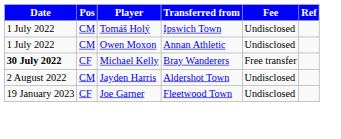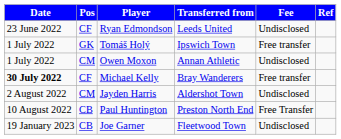 <table class="wikitable plainrowheaders sortable">
 <tr>
 <th style="background:#0000FF; color:#ffffff; ">Date</th>
 <th style="background:#0000FF; color:#ffffff; ">Pos</th>
 <th style="background:#0000FF; color:#ffffff; ">Player</th>
 <th style="background:#0000FF; color:#ffffff; ">Transferred from</th>
 <th style="background:#0000FF; color:#ffffff; ">Fee</th>
 <th style="background:#0000FF; color:#ffffff; ">Ref</th>
 </tr>
 <tr>
+<td>23 June 2022</td>
+<td><a href='#'>CF</a></td>
+<td> <a href='#'>Ryan Edmondson</a></td>
+<td> <a href='#'>Leeds United</a></td>
+<td>Undisclosed</td>
+<td></td>
+</tr>
+<tr>
 <td>1 July 2022</td>
-<td><a href='#'>CM</a></td>
+<td><a href='#'>GK</a></td>
 <td> <a href='#'>Tomáš Holý</a></td>
 <td> <a href='#'>Ipswich Town</a></td>
-<td>Undisclosed</td>
+<td>Free transfer</td>
 <td></td>
 </tr>
 <tr>
 <td>1 July 2022</td>
 <td><a href='#'>CM</a></td>
 <td> <a href='#'>Owen Moxon</a></td>
 <td> <a href='#'>Annan Athletic</a></td>
 <td>Undisclosed</td>
 <td></td>
 </tr>
 <tr>
 <td><strong>30 July 2022</strong></td>
 <td><a href='#'>CF</a></td>
 <td> <a href='#'>Michael Kelly</a></td>
 <td> <a href='#'>Bray Wanderers</a></td>
 <td>Free transfer</td>
 <td></td>
 </tr>
 <tr>
 <td>2 August 2022</td>
 <td><a href='#'>CM</a></td>
 <td> <a href='#'>Jayden Harris</a></td>
 <td> <a href='#'>Aldershot Town</a></td>
 <td>Undisclosed</td>
 <td></td>
 </tr>
 <tr>
+<td>10 August 2022</td>
+<td><a href='#'>CB</a></td>
+<td> <a href='#'>Paul Huntington</a></td>
+<td> <a href='#'>Preston North End</a></td>
+<td>Free Transfer</td>
+<td></td>
+</tr>
+<tr>
 <td>19 January 2023</td>
-<td><a href='#'>CF</a></td>
+<td><a href='#'>CB</a></td>
 <td> <a href='#'>Joe Garner</a></td>
 <td> <a href='#'>Fleetwood Town</a></td>
 <td>Undisclosed</td>
 <td></td>
 </tr>
 </table>
